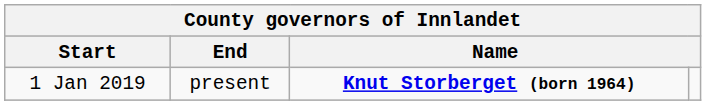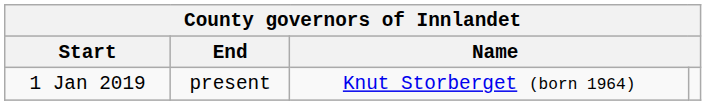 <table class="wikitable" style="text-align:center; width:75%;">
 <tr>
 <th colspan=5>County governors of Innlandet</th>
 </tr>
 <tr>
 <th>Start</th>
 <th>End</th>
 <th colspan="2">Name</th>
 </tr>
 <tr>
 <td>1 Jan 2019</td>
 <td>present</td>
-<td><strong><a href='#'>Knut Storberget</a> <small>(born 1964)</small></strong></td>
+<td><a href='#'>Knut Storberget</a> <small>(born 1964)</small></td>
 <td></td>
 </tr>
 </table>
